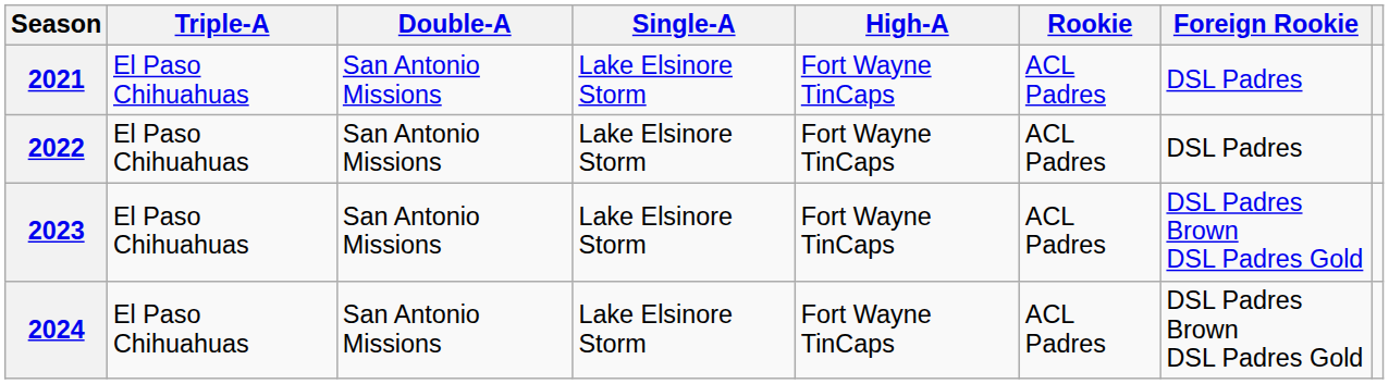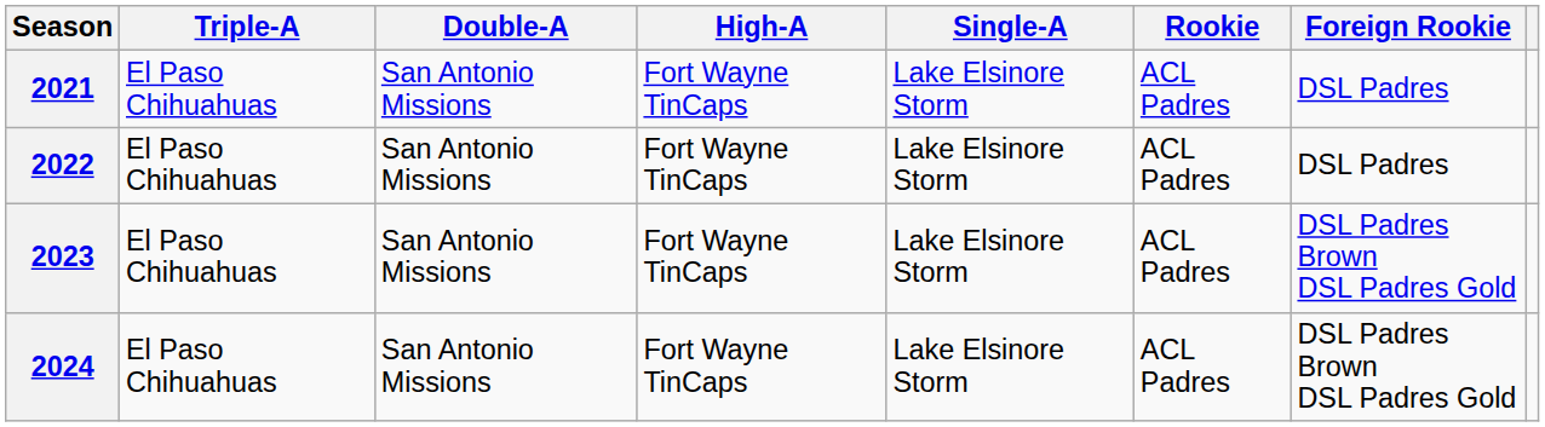 <table class="wikitable plainrowheaders">
 <tr>
 <th scope="col">Season</th>
 <th scope="col"><a href='#'><span>Triple-A</span></a></th>
 <th scope="col"><a href='#'><span>Double-A</span></a></th>
+<th scope="col"><a href='#'><span>High-A</span></a></th>
 <th scope="col"><a href='#'><span>Single-A</span></a></th>
-<th scope="col"><a href='#'><span>High-A</span></a></th>
 <th scope="col"><a href='#'><span>Rookie</span></a></th>
 <th scope="col"><a href='#'><span>Foreign Rookie</span></a></th>
 <th scope="col"></th>
 </tr>
 <tr>
 <th scope="row" style="text-align:center"><a href='#'>2021</a></th>
 <td><a href='#'>El Paso Chihuahuas</a></td>
 <td><a href='#'>San Antonio Missions</a></td>
+<td><a href='#'>Fort Wayne TinCaps</a></td>
 <td><a href='#'>Lake Elsinore Storm</a></td>
-<td><a href='#'>Fort Wayne TinCaps</a></td>
 <td><a href='#'>ACL Padres</a></td>
 <td><a href='#'>DSL Padres</a></td>
 <td align="center"></td>
 </tr>
 <tr>
 <th scope="row" style="text-align:center"><a href='#'>2022</a></th>
 <td>El Paso Chihuahuas</td>
 <td>San Antonio Missions</td>
+<td>Fort Wayne TinCaps</td>
 <td>Lake Elsinore Storm</td>
-<td>Fort Wayne TinCaps</td>
 <td>ACL Padres</td>
 <td>DSL Padres</td>
 <td align="center"></td>
 </tr>
 <tr>
 <th scope="row" style="text-align:center"><a href='#'>2023</a></th>
 <td>El Paso Chihuahuas</td>
 <td>San Antonio Missions</td>
+<td>Fort Wayne TinCaps</td>
 <td>Lake Elsinore Storm</td>
-<td>Fort Wayne TinCaps</td>
 <td>ACL Padres</td>
 <td><a href='#'>DSL Padres Brown</a><br><a href='#'>DSL Padres Gold</a></td>
 <td align="center"></td>
 </tr>
 <tr>
 <th scope="row" style="text-align:center"><a href='#'>2024</a></th>
 <td>El Paso Chihuahuas</td>
 <td>San Antonio Missions</td>
+<td>Fort Wayne TinCaps</td>
 <td>Lake Elsinore Storm</td>
-<td>Fort Wayne TinCaps</td>
 <td>ACL Padres</td>
 <td>DSL Padres Brown<br>DSL Padres Gold</td>
 <td align="center"></td>
 </tr>
 </table>
